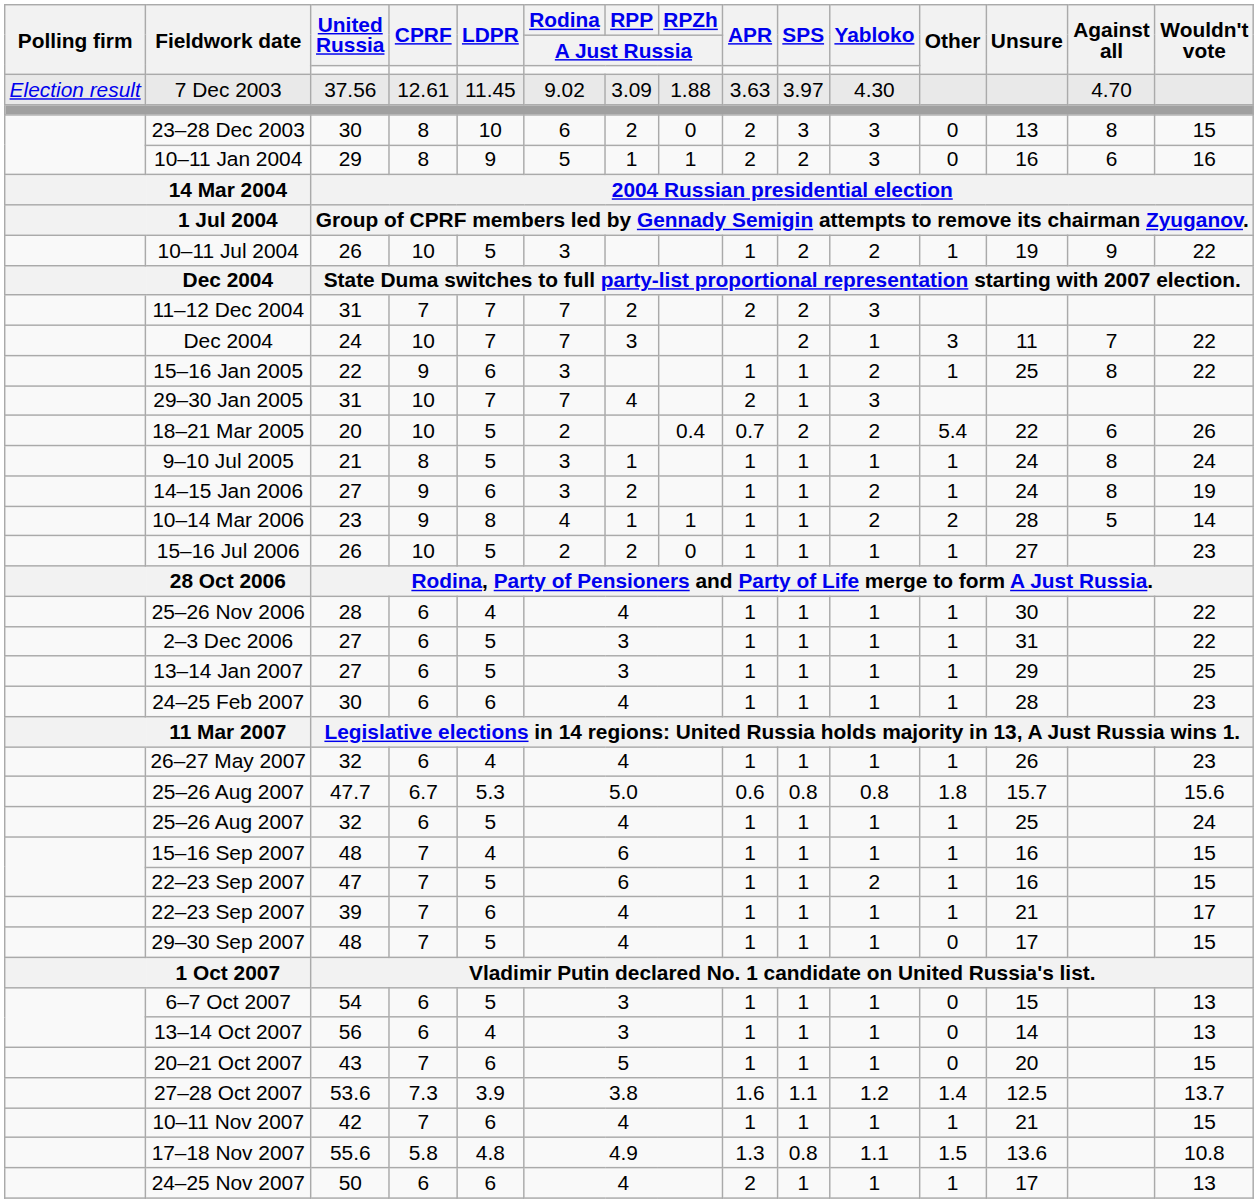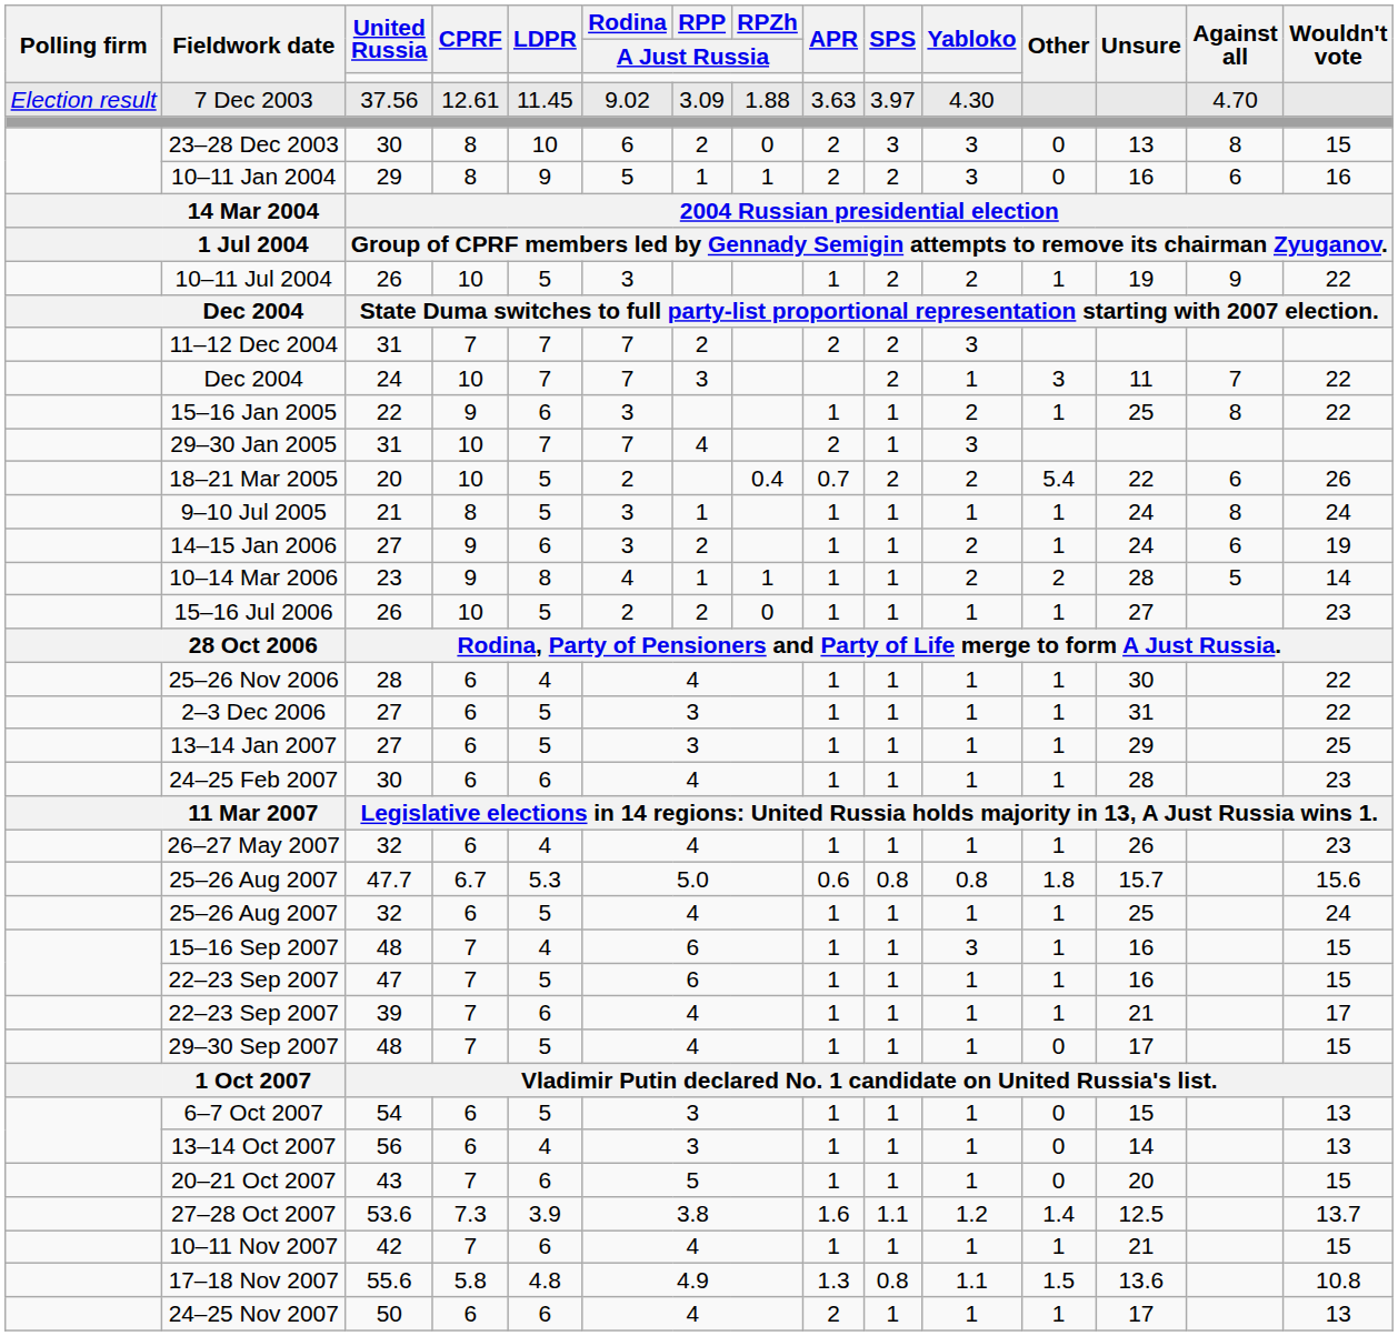 <table class="wikitable" style="text-align:center; font-size:90%; line-height:14px">
 <tr>
 <th rowspan="3">Polling firm</th>
 <th rowspan="3">Fieldwork date</th>
 <th rowspan="2"><a href='#'>United<br>Russia</a></th>
 <th rowspan="2"><a href='#'>CPRF</a></th>
 <th rowspan="2"><a href='#'>LDPR</a></th>
 <th><a href='#'>Rodina</a></th>
 <th><a href='#'>RPP</a></th>
 <th><a href='#'>RPZh</a></th>
 <th rowspan="2"><a href='#'>APR</a></th>
 <th rowspan="2"><a href='#'>SPS</a></th>
 <th rowspan="2"><a href='#'>Yabloko</a></th>
 <th rowspan="3">Other</th>
 <th rowspan="3">Unsure</th>
 <th rowspan="3">Against<br>all</th>
 <th rowspan="3">Wouldn't<br>vote</th>
 </tr>
 <tr>
 <th colspan="3"><a href='#'>A Just Russia</a></th>
 </tr>
 <tr>
 <td></td>
 <td></td>
 <td></td>
 <td colspan=3;></td>
 <td></td>
 <td></td>
 <td></td>
 </tr>
 <tr style="background-color:#E9E9E9">
 <td><em><a href='#'>Election result</a></em></td>
 <td>7 Dec 2003</td>
 <td>37.56</td>
 <td>12.61</td>
 <td>11.45</td>
 <td>9.02</td>
 <td>3.09</td>
 <td>1.88</td>
 <td>3.63</td>
 <td>3.97</td>
 <td>4.30</td>
 <td></td>
 <td></td>
 <td>4.70</td>
 <td></td>
 </tr>
 <tr>
 <td colspan="15" style="background:#A0A0A0"></td>
 </tr>
 <tr>
 <td rowspan="2"></td>
 <td>23–28 Dec 2003</td>
 <td>30</td>
 <td>8</td>
 <td>10</td>
 <td>6</td>
 <td>2</td>
 <td>0</td>
 <td>2</td>
 <td>3</td>
 <td>3</td>
 <td>0</td>
 <td>13</td>
 <td>8</td>
 <td>15</td>
 </tr>
 <tr>
 <td>10–11 Jan 2004</td>
 <td>29</td>
 <td>8</td>
 <td>9</td>
 <td>5</td>
 <td>1</td>
 <td>1</td>
 <td>2</td>
 <td>2</td>
 <td>3</td>
 <td>0</td>
 <td>16</td>
 <td>6</td>
 <td>16</td>
 </tr>
 <tr>
 <th style="border-right-style:hidden;"></th>
 <th>14 Mar 2004</th>
 <th colspan=13><a href='#'>2004 Russian presidential election</a></th>
 </tr>
 <tr>
 <th style="border-right-style:hidden;"></th>
 <th>1 Jul 2004</th>
 <th colspan=13>Group of CPRF members led by <a href='#'>Gennady Semigin</a> attempts to remove its chairman <a href='#'>Zyuganov</a>.</th>
 </tr>
 <tr>
 <td></td>
 <td>10–11 Jul 2004</td>
 <td>26</td>
 <td>10</td>
 <td>5</td>
 <td>3</td>
 <td></td>
 <td></td>
 <td>1</td>
 <td>2</td>
 <td>2</td>
 <td>1</td>
 <td>19</td>
 <td>9</td>
 <td>22</td>
 </tr>
 <tr>
 <th style="border-right-style:hidden;"></th>
 <th>Dec 2004</th>
 <th colspan=13>State Duma switches to full <a href='#'>party-list proportional representation</a> starting with 2007 election.</th>
 </tr>
 <tr>
 <td></td>
 <td>11–12 Dec 2004</td>
 <td>31</td>
 <td>7</td>
 <td>7</td>
 <td>7</td>
 <td>2</td>
 <td></td>
 <td>2</td>
 <td>2</td>
 <td>3</td>
 <td></td>
 <td></td>
 <td></td>
 <td></td>
 </tr>
 <tr>
 <td></td>
 <td>Dec 2004</td>
 <td>24</td>
 <td>10</td>
 <td>7</td>
 <td>7</td>
 <td>3</td>
 <td></td>
 <td></td>
 <td>2</td>
 <td>1</td>
 <td>3</td>
 <td>11</td>
 <td>7</td>
 <td>22</td>
 </tr>
 <tr>
 <td></td>
 <td>15–16 Jan 2005</td>
 <td>22</td>
 <td>9</td>
 <td>6</td>
 <td>3</td>
 <td></td>
 <td></td>
 <td>1</td>
 <td>1</td>
 <td>2</td>
 <td>1</td>
 <td>25</td>
 <td>8</td>
 <td>22</td>
 </tr>
 <tr>
 <td></td>
 <td>29–30 Jan 2005</td>
 <td>31</td>
 <td>10</td>
 <td>7</td>
 <td>7</td>
 <td>4</td>
 <td></td>
 <td>2</td>
 <td>1</td>
 <td>3</td>
 <td></td>
 <td></td>
 <td></td>
 <td></td>
 </tr>
 <tr>
 <td></td>
 <td>18–21 Mar 2005</td>
 <td>20</td>
 <td>10</td>
 <td>5</td>
 <td>2</td>
 <td></td>
 <td>0.4</td>
 <td>0.7</td>
 <td>2</td>
 <td>2</td>
 <td>5.4</td>
 <td>22</td>
 <td>6</td>
 <td>26</td>
 </tr>
 <tr>
 <td></td>
 <td>9–10 Jul 2005</td>
 <td>21</td>
 <td>8</td>
 <td>5</td>
 <td>3</td>
 <td>1</td>
 <td></td>
 <td>1</td>
 <td>1</td>
 <td>1</td>
 <td>1</td>
 <td>24</td>
 <td>8</td>
 <td>24</td>
 </tr>
 <tr>
 <td></td>
 <td>14–15 Jan 2006</td>
 <td>27</td>
 <td>9</td>
 <td>6</td>
 <td>3</td>
 <td>2</td>
 <td></td>
 <td>1</td>
 <td>1</td>
 <td>2</td>
 <td>1</td>
 <td>24</td>
-<td>8</td>
+<td>6</td>
 <td>19</td>
 </tr>
 <tr>
 <td></td>
 <td>10–14 Mar 2006</td>
 <td>23</td>
 <td>9</td>
 <td>8</td>
 <td>4</td>
 <td>1</td>
 <td>1</td>
 <td>1</td>
 <td>1</td>
 <td>2</td>
 <td>2</td>
 <td>28</td>
 <td>5</td>
 <td>14</td>
 </tr>
 <tr>
 <td></td>
 <td>15–16 Jul 2006</td>
 <td>26</td>
 <td>10</td>
 <td>5</td>
 <td>2</td>
 <td>2</td>
 <td>0</td>
 <td>1</td>
 <td>1</td>
 <td>1</td>
 <td>1</td>
 <td>27</td>
 <td></td>
 <td>23</td>
 </tr>
 <tr>
 <th style="border-right-style:hidden;"></th>
 <th>28 Oct 2006</th>
 <th colspan=13><a href='#'>Rodina</a>, <a href='#'>Party of Pensioners</a> and <a href='#'>Party of Life</a> merge to form <a href='#'>A Just Russia</a>.</th>
 </tr>
 <tr>
 <td></td>
 <td>25–26 Nov 2006</td>
 <td>28</td>
 <td>6</td>
 <td>4</td>
 <td colspan=3>4</td>
 <td>1</td>
 <td>1</td>
 <td>1</td>
 <td>1</td>
 <td>30</td>
 <td></td>
 <td>22</td>
 </tr>
 <tr>
 <td></td>
 <td>2–3 Dec 2006</td>
 <td>27</td>
 <td>6</td>
 <td>5</td>
 <td colspan=3>3</td>
 <td>1</td>
 <td>1</td>
 <td>1</td>
 <td>1</td>
 <td>31</td>
 <td></td>
 <td>22</td>
 </tr>
 <tr>
 <td></td>
 <td>13–14 Jan 2007</td>
 <td>27</td>
 <td>6</td>
 <td>5</td>
 <td colspan="3">3</td>
 <td>1</td>
 <td>1</td>
 <td>1</td>
 <td>1</td>
 <td>29</td>
 <td></td>
 <td>25</td>
 </tr>
 <tr>
 <td></td>
 <td>24–25 Feb 2007</td>
 <td>30</td>
 <td>6</td>
 <td>6</td>
 <td colspan="3">4</td>
 <td>1</td>
 <td>1</td>
 <td>1</td>
 <td>1</td>
 <td>28</td>
 <td></td>
 <td>23</td>
 </tr>
 <tr>
 <th style="border-right-style:hidden;"></th>
 <th>11 Mar 2007</th>
 <th colspan=13><a href='#'>Legislative elections</a> in 14 regions: United Russia holds majority in 13, A Just Russia wins 1.</th>
 </tr>
 <tr>
 <td></td>
 <td>26–27 May 2007</td>
 <td>32</td>
 <td>6</td>
 <td>4</td>
 <td colspan="3">4</td>
 <td>1</td>
 <td>1</td>
 <td>1</td>
 <td>1</td>
 <td>26</td>
 <td></td>
 <td>23</td>
 </tr>
 <tr>
 <td></td>
 <td>25–26 Aug 2007</td>
 <td>47.7</td>
 <td>6.7</td>
 <td>5.3</td>
 <td colspan="3">5.0</td>
 <td>0.6</td>
 <td>0.8</td>
 <td>0.8</td>
 <td>1.8</td>
 <td>15.7</td>
 <td></td>
 <td>15.6</td>
 </tr>
 <tr>
 <td></td>
 <td>25–26 Aug 2007</td>
 <td>32</td>
 <td>6</td>
 <td>5</td>
 <td colspan="3">4</td>
 <td>1</td>
 <td>1</td>
 <td>1</td>
 <td>1</td>
 <td>25</td>
 <td></td>
 <td>24</td>
 </tr>
 <tr>
 <td rowspan="2"></td>
 <td>15–16 Sep 2007</td>
 <td>48</td>
 <td>7</td>
 <td>4</td>
 <td colspan="3">6</td>
 <td>1</td>
 <td>1</td>
-<td>1</td>
+<td>3</td>
 <td>1</td>
 <td>16</td>
 <td></td>
 <td>15</td>
 </tr>
 <tr>
 <td>22–23 Sep 2007</td>
 <td>47</td>
 <td>7</td>
 <td>5</td>
 <td colspan="3">6</td>
 <td>1</td>
 <td>1</td>
-<td>2</td>
+<td>1</td>
 <td>1</td>
 <td>16</td>
 <td></td>
 <td>15</td>
 </tr>
 <tr>
 <td></td>
 <td>22–23 Sep 2007</td>
 <td>39</td>
 <td>7</td>
 <td>6</td>
 <td colspan="3">4</td>
 <td>1</td>
 <td>1</td>
 <td>1</td>
 <td>1</td>
 <td>21</td>
 <td></td>
 <td>17</td>
 </tr>
 <tr>
 <td></td>
 <td>29–30 Sep 2007</td>
 <td>48</td>
 <td>7</td>
 <td>5</td>
 <td colspan="3">4</td>
 <td>1</td>
 <td>1</td>
 <td>1</td>
 <td>0</td>
 <td>17</td>
 <td></td>
 <td>15</td>
 </tr>
 <tr>
 <th style="border-right-style:hidden;"></th>
 <th>1 Oct 2007</th>
 <th colspan=13>Vladimir Putin declared No. 1 candidate on United Russia's list.</th>
 </tr>
 <tr>
 <td rowspan="2"></td>
 <td>6–7 Oct 2007</td>
 <td>54</td>
 <td>6</td>
 <td>5</td>
 <td colspan="3">3</td>
 <td>1</td>
 <td>1</td>
 <td>1</td>
 <td>0</td>
 <td>15</td>
 <td></td>
 <td>13</td>
 </tr>
 <tr>
 <td>13–14 Oct 2007</td>
 <td>56</td>
 <td>6</td>
 <td>4</td>
 <td colspan="3">3</td>
 <td>1</td>
 <td>1</td>
 <td>1</td>
 <td>0</td>
 <td>14</td>
 <td></td>
 <td>13</td>
 </tr>
 <tr>
 <td></td>
 <td>20–21 Oct 2007</td>
 <td>43</td>
 <td>7</td>
 <td>6</td>
 <td colspan="3">5</td>
 <td>1</td>
 <td>1</td>
 <td>1</td>
 <td>0</td>
 <td>20</td>
 <td></td>
 <td>15</td>
 </tr>
 <tr>
 <td></td>
 <td>27–28 Oct 2007</td>
 <td>53.6</td>
 <td>7.3</td>
 <td>3.9</td>
 <td colspan="3">3.8</td>
 <td>1.6</td>
 <td>1.1</td>
 <td>1.2</td>
 <td>1.4</td>
 <td>12.5</td>
 <td></td>
 <td>13.7</td>
 </tr>
 <tr>
 <td></td>
 <td>10–11 Nov 2007</td>
 <td>42</td>
 <td>7</td>
 <td>6</td>
 <td colspan="3">4</td>
 <td>1</td>
 <td>1</td>
 <td>1</td>
 <td>1</td>
 <td>21</td>
 <td></td>
 <td>15</td>
 </tr>
 <tr>
 <td></td>
 <td>17–18 Nov 2007</td>
 <td>55.6</td>
 <td>5.8</td>
 <td>4.8</td>
 <td colspan="3">4.9</td>
 <td>1.3</td>
 <td>0.8</td>
 <td>1.1</td>
 <td>1.5</td>
 <td>13.6</td>
 <td></td>
 <td>10.8</td>
 </tr>
 <tr>
 <td></td>
 <td>24–25 Nov 2007</td>
 <td>50</td>
 <td>6</td>
 <td>6</td>
 <td colspan="3">4</td>
 <td>2</td>
 <td>1</td>
 <td>1</td>
 <td>1</td>
 <td>17</td>
 <td></td>
 <td>13</td>
 </tr>
 </table>
